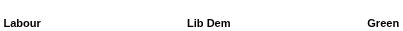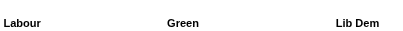 <table style="width:60%; text-align:center;">
 <tr style="color:white;">
 <td style="background:"><strong>31</strong></td>
+<td style="background:"><strong>5</strong></td>
 <td style="background:"><strong>3</strong></td>
-<td style="background:"><strong>5</strong></td>
 </tr>
 <tr>
 <td><span><strong>Labour</strong></span></td>
+<td><span><strong>Green</strong></span></td>
 <td><span><strong>Lib Dem</strong></span></td>
-<td><span><strong>Green</strong></span></td>
 </tr>
 </table>
